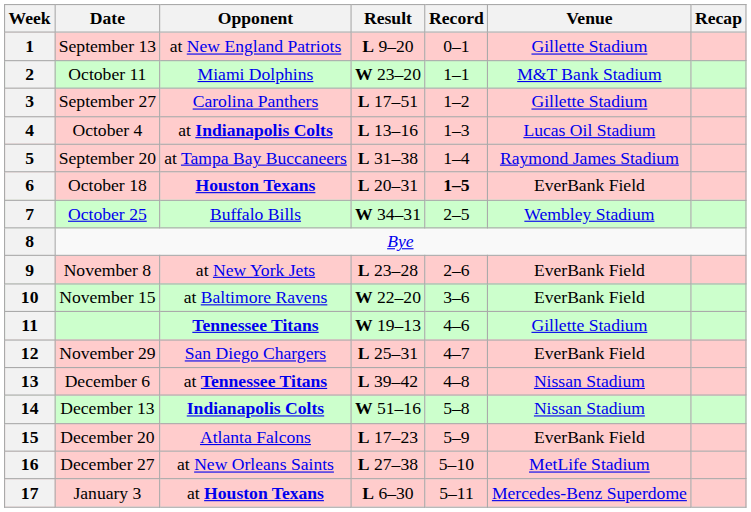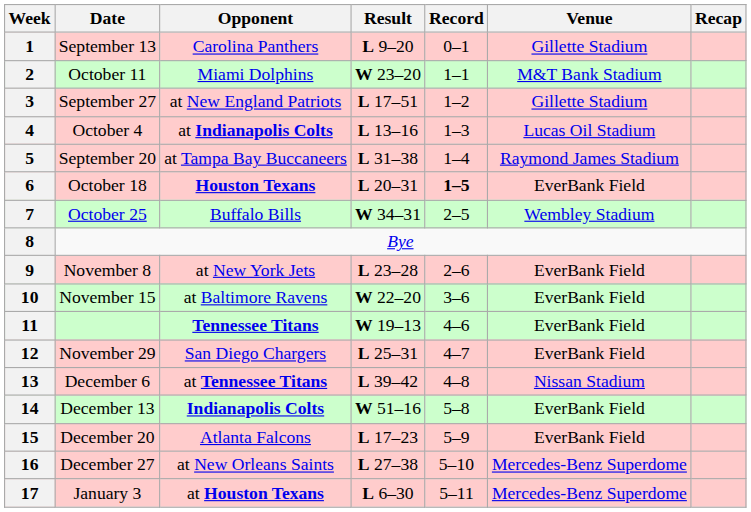 <table class="wikitable" style="text-align:center">
 <tr>
 <th>Week</th>
 <th>Date</th>
 <th>Opponent</th>
 <th>Result</th>
 <th>Record</th>
 <th>Venue</th>
 <th>Recap</th>
 </tr>
 <tr style="background:#fcc">
 <th>1</th>
 <td>September 13</td>
-<td>at <a href='#'>New England Patriots</a></td>
+<td><a href='#'>Carolina Panthers</a></td>
 <td><strong>L</strong> 9–20</td>
 <td>0–1</td>
 <td><a href='#'>Gillette Stadium</a></td>
 <td></td>
 </tr>
 <tr style="background:#cfc">
 <th>2</th>
 <td>October 11</td>
 <td><a href='#'>Miami Dolphins</a></td>
 <td><strong>W</strong> 23–20</td>
 <td>1–1</td>
 <td><a href='#'>M&T Bank Stadium</a></td>
 <td></td>
 </tr>
 <tr style="background:#fcc">
 <th>3</th>
 <td>September 27</td>
-<td><a href='#'>Carolina Panthers</a></td>
+<td>at <a href='#'>New England Patriots</a></td>
 <td><strong>L</strong> 17–51</td>
 <td>1–2</td>
 <td><a href='#'>Gillette Stadium</a></td>
 <td></td>
 </tr>
 <tr style="background:#fcc">
 <th>4</th>
 <td>October 4</td>
 <td>at <strong><a href='#'>Indianapolis Colts</a></strong></td>
 <td><strong>L</strong> 13–16 </td>
 <td>1–3</td>
 <td><a href='#'>Lucas Oil Stadium</a></td>
 <td></td>
 </tr>
 <tr style="background:#fcc">
 <th>5</th>
 <td>September 20</td>
 <td>at <a href='#'>Tampa Bay Buccaneers</a></td>
 <td><strong>L</strong> 31–38</td>
 <td>1–4</td>
 <td><a href='#'>Raymond James Stadium</a></td>
 <td></td>
 </tr>
 <tr style="background:#fcc">
 <th>6</th>
 <td>October 18</td>
 <td><strong><a href='#'>Houston Texans</a></strong></td>
 <td><strong>L</strong> 20–31</td>
 <td><strong>1–5</strong></td>
 <td>EverBank Field</td>
 <td></td>
 </tr>
 <tr style="background:#cfc">
 <th>7</th>
 <td><a href='#'>October 25</a></td>
 <td><a href='#'>Buffalo Bills</a></td>
 <td><strong>W</strong> 34–31</td>
 <td>2–5</td>
 <td> <a href='#'>Wembley Stadium</a> </td>
 <td></td>
 </tr>
 <tr>
 <th>8</th>
 <td colspan=8><em><a href='#'>Bye</a></em></td>
 </tr>
 <tr style="background:#fcc">
 <th>9</th>
 <td>November 8</td>
 <td>at <a href='#'>New York Jets</a></td>
 <td><strong>L</strong> 23–28</td>
 <td>2–6</td>
 <td>EverBank Field</td>
 <td></td>
 </tr>
 <tr style="background:#cfc">
 <th>10</th>
 <td>November 15</td>
 <td>at <a href='#'>Baltimore Ravens</a></td>
 <td><strong>W</strong> 22–20</td>
 <td>3–6</td>
 <td>EverBank Field</td>
 <td></td>
 </tr>
 <tr style="background:#cfc">
 <th>11</th>
 <td></td>
 <td><strong><a href='#'>Tennessee Titans</a></strong></td>
 <td><strong>W</strong> 19–13</td>
 <td>4–6</td>
-<td><a href='#'>Gillette Stadium</a></td>
+<td>EverBank Field</td>
 <td></td>
 </tr>
 <tr style="background:#fcc">
 <th>12</th>
 <td>November 29</td>
 <td><a href='#'>San Diego Chargers</a></td>
 <td><strong>L</strong> 25–31</td>
 <td>4–7</td>
 <td>EverBank Field</td>
 <td></td>
 </tr>
 <tr style="background:#fcc">
 <th>13</th>
 <td>December 6</td>
 <td>at <strong><a href='#'>Tennessee Titans</a></strong></td>
 <td><strong>L</strong> 39–42</td>
 <td>4–8</td>
 <td><a href='#'>Nissan Stadium</a></td>
 <td></td>
 </tr>
 <tr style="background:#cfc">
 <th>14</th>
 <td>December 13</td>
 <td><strong><a href='#'>Indianapolis Colts</a></strong></td>
 <td><strong>W</strong> 51–16</td>
 <td>5–8</td>
-<td><a href='#'>Nissan Stadium</a></td>
+<td>EverBank Field</td>
 <td></td>
 </tr>
 <tr style="background:#fcc">
 <th>15</th>
 <td>December 20</td>
 <td><a href='#'>Atlanta Falcons</a></td>
 <td><strong>L</strong> 17–23</td>
 <td>5–9</td>
 <td>EverBank Field</td>
 <td></td>
 </tr>
 <tr style="background:#fcc">
 <th>16</th>
 <td>December 27</td>
 <td>at <a href='#'>New Orleans Saints</a></td>
 <td><strong>L</strong> 27–38</td>
 <td>5–10</td>
-<td><a href='#'>MetLife Stadium</a></td>
+<td><a href='#'>Mercedes-Benz Superdome</a></td>
 <td></td>
 </tr>
 <tr style="background:#fcc">
 <th>17</th>
 <td>January 3</td>
 <td>at <strong><a href='#'>Houston Texans</a></strong></td>
 <td><strong>L</strong> 6–30</td>
 <td>5–11</td>
 <td><a href='#'>Mercedes-Benz Superdome</a></td>
 <td></td>
 </tr>
 </table>
